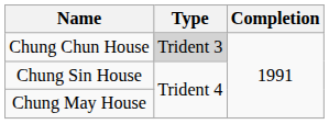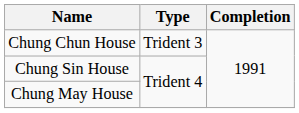 <table class="wikitable" style="text-align: center">
 <tr>
 <th>Name</th>
 <th>Type</th>
 <th>Completion</th>
 </tr>
 <tr>
 <td>Chung Chun House</td>
-<td rowspan="1" style="background: lightgrey;">Trident 3</td>
+<td rowspan="1">Trident 3</td>
 <td rowspan="3">1991</td>
 </tr>
 <tr>
 <td>Chung Sin House</td>
 <td rowspan="2">Trident 4</td>
 </tr>
 <tr>
 <td>Chung May House</td>
 </tr>
 <tr>
 </tr>
 </table>
